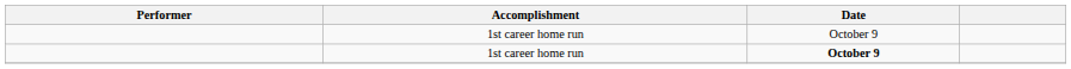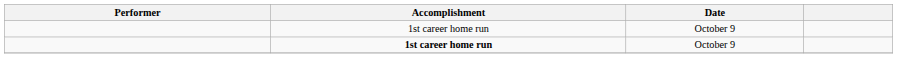 <table class="wikitable sortable" style="width:70%; text-align:center;">
 <tr>
 <th style="width:30%;">Performer</th>
 <th style="width:40%;">Accomplishment</th>
 <th style="width:20%;" data-sort-type="date">Date</th>
 <th style="width:10%;"></th>
 </tr>
 <tr>
 <td></td>
 <td>1st career home run</td>
 <td>October 9</td>
 <td></td>
 </tr>
 <tr>
 <td></td>
-<td>1st career home run</td>
-<td><strong>October 9</strong></td>
+<td><strong>1st career home run</strong></td>
+<td>October 9</td>
 <td></td>
 </tr>
 <tr>
 </tr>
 </table>
